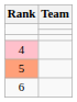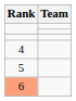 <table class="wikitable">
 <tr>
 <th>Rank</th>
 <th>Team</th>
 </tr>
 <tr>
 <td align=center rowspan=2></td>
 <td></td>
 </tr>
 <tr>
 <td></td>
 </tr>
 <tr>
 <td align=center></td>
 <td></td>
 </tr>
 <tr>
-<td align=center style="background: pink;">4</td>
+<td align=center>4</td>
 <td></td>
 </tr>
 <tr>
-<td align=center style="background: lightsalmon;">5</td>
+<td align=center>5</td>
 <td></td>
 </tr>
 <tr>
-<td align=center>6</td>
+<td align=center style="background: lightsalmon;">6</td>
 <td></td>
 </tr>
 </table>
